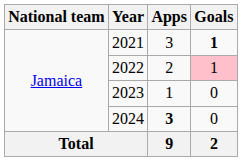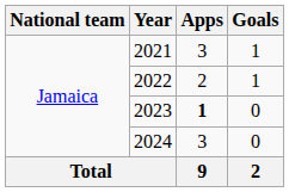 <table class=wikitable style="text-align: center;">
 <tr>
 <th>National team</th>
 <th>Year</th>
 <th>Apps</th>
 <th>Goals</th>
 </tr>
 <tr>
 <td rowspan="4"><a href='#'>Jamaica</a></td>
 <td>2021</td>
 <td>3</td>
-<td><strong>1</strong></td>
+<td>1</td>
 </tr>
 <tr>
 <td>2022</td>
 <td>2</td>
-<td style="background: pink;">1</td>
+<td>1</td>
 </tr>
 <tr>
 <td>2023</td>
-<td>1</td>
+<td><strong>1</strong></td>
 <td>0</td>
 </tr>
 <tr>
 <td>2024</td>
-<td><strong>3</strong></td>
+<td>3</td>
 <td>0</td>
 </tr>
 <tr>
 <th colspan="2">Total</th>
 <th>9</th>
 <th>2</th>
 </tr>
 </table>
